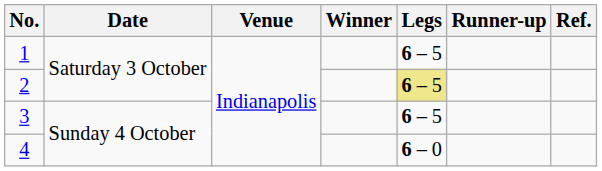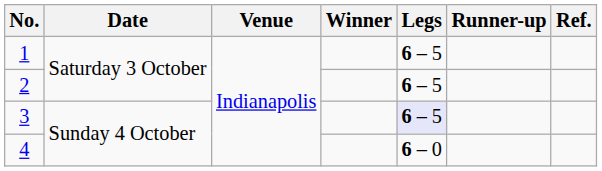 <table class="wikitable">
 <tr>
 <th>No.</th>
 <th>Date</th>
 <th>Venue</th>
 <th>Winner</th>
 <th>Legs</th>
 <th>Runner-up</th>
 <th>Ref.</th>
 </tr>
 <tr>
 <td align=center><a href='#'>1</a></td>
 <td rowspan=2>Saturday 3 October</td>
 <td rowspan=4> <a href='#'>Indianapolis</a></td>
 <td align="right"></td>
 <td align="center"><strong>6</strong> – 5</td>
 <td></td>
 <td align="center"></td>
 </tr>
 <tr>
 <td align=center><a href='#'>2</a></td>
 <td align="right"></td>
-<td align="center" style="background: khaki;"><strong>6</strong> – 5</td>
+<td align="center"><strong>6</strong> – 5</td>
 <td></td>
 <td align="center"></td>
 </tr>
 <tr>
 <td align=center><a href='#'>3</a></td>
 <td rowspan=2>Sunday 4 October</td>
 <td align="right"></td>
-<td align="center"><strong>6</strong> – 5</td>
+<td align="center" style="background: lavender;"><strong>6</strong> – 5</td>
 <td></td>
 <td align="center"></td>
 </tr>
 <tr>
 <td align=center><a href='#'>4</a></td>
 <td align="right"></td>
 <td align="center"><strong>6</strong> – 0</td>
 <td></td>
 <td align="center"></td>
 </tr>
 </table>
